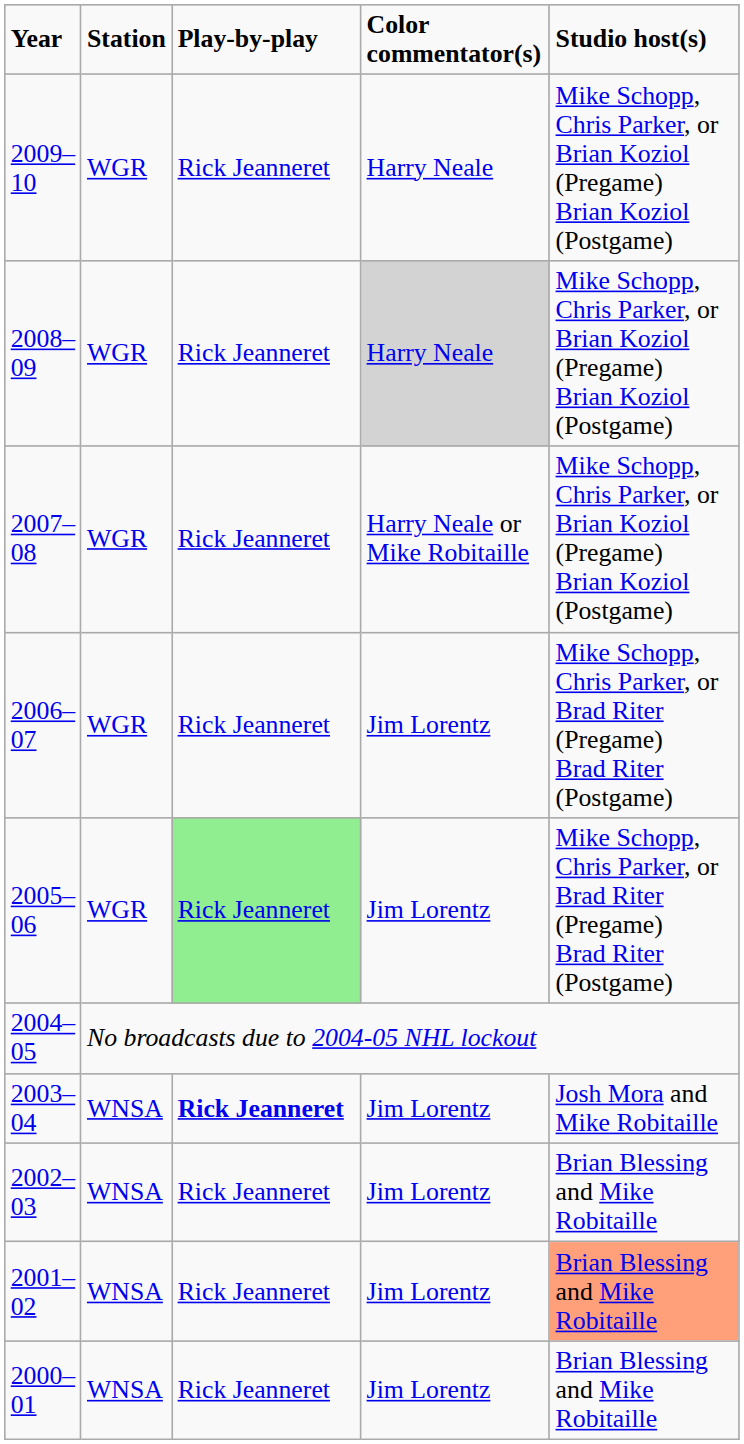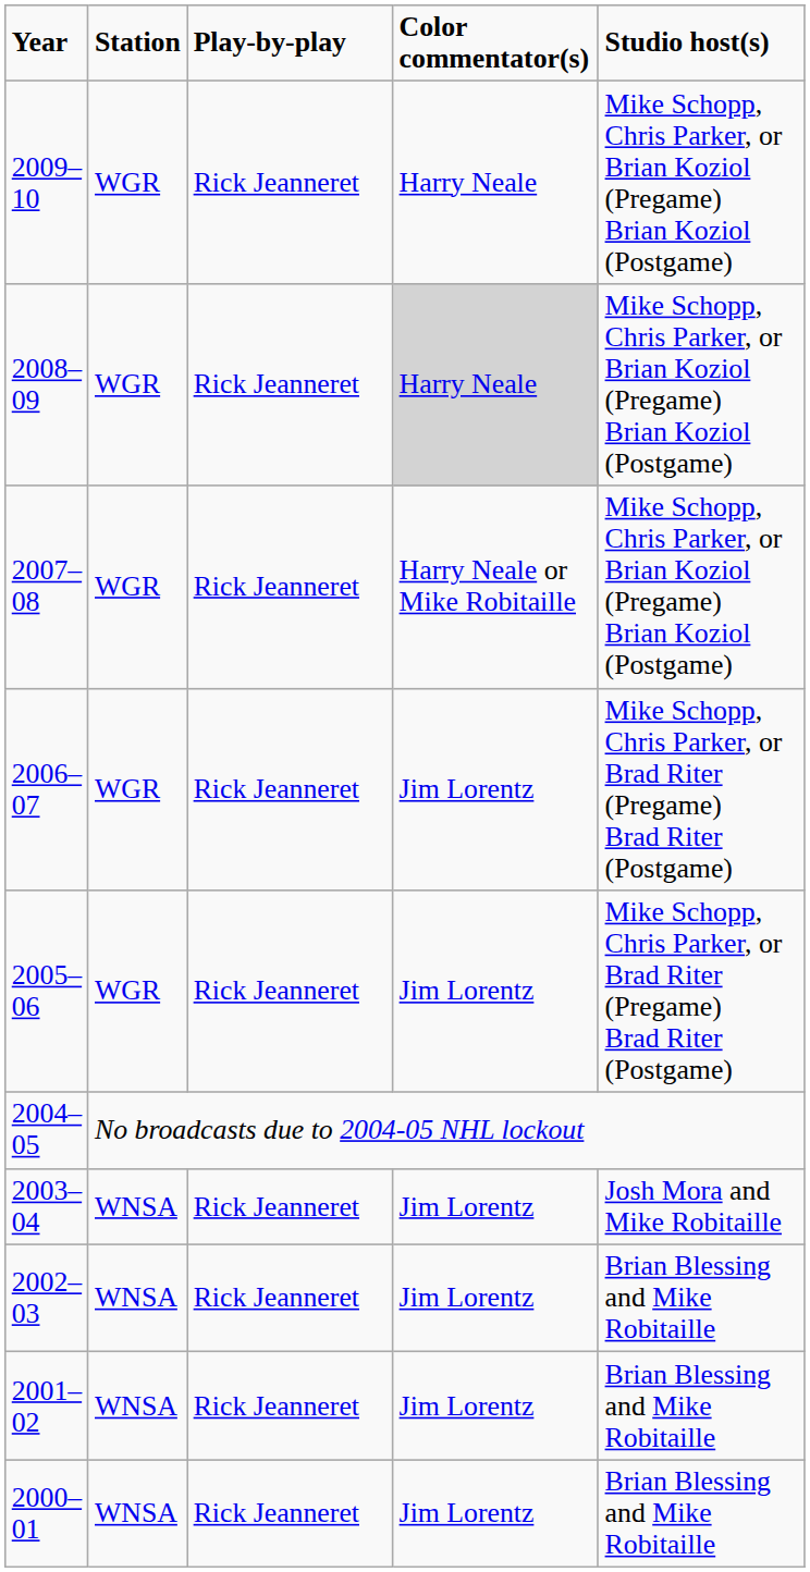 <table class="wikitable">
 <tr>
 <td width="40"><strong>Year</strong></td>
 <td width="40"><strong>Station</strong></td>
 <td width="110"><strong>Play-by-play</strong></td>
 <td width="110"><strong>Color commentator(s)</strong></td>
 <td width="110"><strong>Studio host(s)</strong></td>
 </tr>
 <tr>
 <td><a href='#'>2009–10</a></td>
 <td><a href='#'>WGR</a></td>
 <td><a href='#'>Rick Jeanneret</a></td>
 <td><a href='#'>Harry Neale</a></td>
 <td><a href='#'>Mike Schopp</a>, <a href='#'>Chris Parker</a>, or <a href='#'>Brian Koziol</a> (Pregame)<br><a href='#'>Brian Koziol</a> (Postgame)</td>
 </tr>
 <tr>
 <td><a href='#'>2008–09</a></td>
 <td><a href='#'>WGR</a></td>
 <td><a href='#'>Rick Jeanneret</a></td>
 <td style="background: lightgrey;"><a href='#'>Harry Neale</a></td>
 <td><a href='#'>Mike Schopp</a>, <a href='#'>Chris Parker</a>, or <a href='#'>Brian Koziol</a> (Pregame)<br><a href='#'>Brian Koziol</a> (Postgame)</td>
 </tr>
 <tr>
 <td><a href='#'>2007–08</a></td>
 <td><a href='#'>WGR</a></td>
 <td><a href='#'>Rick Jeanneret</a></td>
 <td><a href='#'>Harry Neale</a> or <a href='#'>Mike Robitaille</a></td>
 <td><a href='#'>Mike Schopp</a>, <a href='#'>Chris Parker</a>, or <a href='#'>Brian Koziol</a> (Pregame)<br><a href='#'>Brian Koziol</a> (Postgame)</td>
 </tr>
 <tr>
 <td><a href='#'>2006–07</a></td>
 <td><a href='#'>WGR</a></td>
 <td><a href='#'>Rick Jeanneret</a></td>
 <td><a href='#'>Jim Lorentz</a></td>
 <td><a href='#'>Mike Schopp</a>, <a href='#'>Chris Parker</a>, or <a href='#'>Brad Riter</a> (Pregame)<br><a href='#'>Brad Riter</a> (Postgame)</td>
 </tr>
 <tr>
 <td><a href='#'>2005–06</a></td>
 <td><a href='#'>WGR</a></td>
-<td style="background: lightgreen;"><a href='#'>Rick Jeanneret</a></td>
+<td><a href='#'>Rick Jeanneret</a></td>
 <td><a href='#'>Jim Lorentz</a></td>
 <td><a href='#'>Mike Schopp</a>, <a href='#'>Chris Parker</a>, or <a href='#'>Brad Riter</a> (Pregame)<br><a href='#'>Brad Riter</a> (Postgame)</td>
 </tr>
 <tr>
 <td><a href='#'>2004–05</a></td>
 <td colspan=5><em>No broadcasts due to <a href='#'>2004-05 NHL lockout</a></em></td>
 </tr>
 <tr>
 <td><a href='#'>2003–04</a></td>
 <td><a href='#'>WNSA</a></td>
-<td><strong><a href='#'>Rick Jeanneret</a></strong></td>
+<td><a href='#'>Rick Jeanneret</a></td>
 <td><a href='#'>Jim Lorentz</a></td>
 <td><a href='#'>Josh Mora</a> and <a href='#'>Mike Robitaille</a></td>
 </tr>
 <tr>
 <td><a href='#'>2002–03</a></td>
 <td><a href='#'>WNSA</a></td>
 <td><a href='#'>Rick Jeanneret</a></td>
 <td><a href='#'>Jim Lorentz</a></td>
 <td><a href='#'>Brian Blessing</a> and <a href='#'>Mike Robitaille</a></td>
 </tr>
 <tr>
 <td><a href='#'>2001–02</a></td>
 <td><a href='#'>WNSA</a></td>
 <td><a href='#'>Rick Jeanneret</a></td>
 <td><a href='#'>Jim Lorentz</a></td>
-<td style="background: lightsalmon;"><a href='#'>Brian Blessing</a> and <a href='#'>Mike Robitaille</a></td>
+<td><a href='#'>Brian Blessing</a> and <a href='#'>Mike Robitaille</a></td>
 </tr>
 <tr>
 <td><a href='#'>2000–01</a></td>
 <td><a href='#'>WNSA</a></td>
 <td><a href='#'>Rick Jeanneret</a></td>
 <td><a href='#'>Jim Lorentz</a></td>
 <td><a href='#'>Brian Blessing</a> and <a href='#'>Mike Robitaille</a></td>
 </tr>
 </table>
